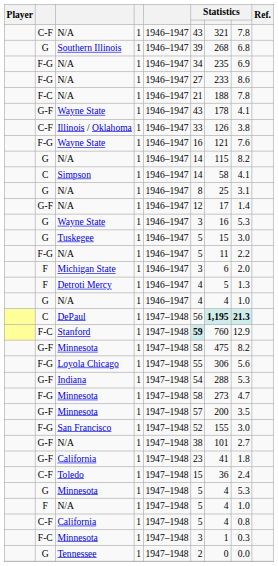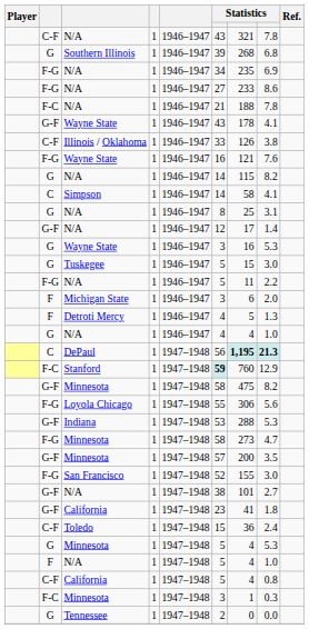 <table class="wikitable sortable" style="font-size:95%; text-align:right;">
 <tr>
 <th scope=col rowspan="2">Player</th>
 <th scope=col rowspan="2"></th>
 <th scope=col rowspan="2"></th>
 <th scope=col rowspan="2"></th>
 <th scope=col rowspan="2"></th>
 <th scope=colgroup colspan="3">Statistics</th>
 <th scope=col rowspan="2">Ref.</th>
 </tr>
 <tr>
 <th scope=col></th>
 <th scope=col></th>
 <th scope=col></th>
 </tr>
 <tr>
 <td align="left"></td>
 <td align="center">C-F</td>
 <td align="left">N/A</td>
 <td align="center">1</td>
 <td align="center">1946–1947</td>
 <td>43</td>
 <td>321</td>
 <td>7.8</td>
 <td align=center></td>
 </tr>
 <tr>
 <td align="left"></td>
 <td align="center">G</td>
 <td align="left"><a href='#'>Southern Illinois</a></td>
 <td align="center">1</td>
 <td align="center">1946–1947</td>
 <td>39</td>
 <td>268</td>
 <td>6.8</td>
 <td align=center></td>
 </tr>
 <tr>
 <td align="left"></td>
 <td align="center">F-G</td>
 <td align="left">N/A</td>
 <td align="center">1</td>
 <td align="center">1946–1947</td>
 <td>34</td>
 <td>235</td>
 <td>6.9</td>
 <td align=center></td>
 </tr>
 <tr>
 <td align="left"></td>
 <td align="center">F-G</td>
 <td align="left">N/A</td>
 <td align="center">1</td>
 <td align="center">1946–1947</td>
 <td>27</td>
 <td>233</td>
 <td>8.6</td>
 <td align=center></td>
 </tr>
 <tr>
 <td align="left"></td>
 <td align="center">F-C</td>
 <td align="left">N/A</td>
 <td align="center">1</td>
 <td align="center">1946–1947</td>
 <td>21</td>
 <td>188</td>
 <td>7.8</td>
 <td align=center></td>
 </tr>
 <tr>
 <td align="left"></td>
 <td align="center">G-F</td>
 <td align="left"><a href='#'>Wayne State</a></td>
 <td align="center">1</td>
 <td align="center">1946–1947</td>
 <td>43</td>
 <td>178</td>
 <td>4.1</td>
 <td align=center></td>
 </tr>
 <tr>
 <td align="left"></td>
 <td align="center">C-F</td>
 <td align="left"><a href='#'>Illinois</a> / <a href='#'>Oklahoma</a></td>
 <td align="center">1</td>
 <td align="center">1946–1947</td>
 <td>33</td>
 <td>126</td>
 <td>3.8</td>
 <td align=center></td>
 </tr>
 <tr>
 <td align="left"></td>
 <td align="center">F-G</td>
 <td align="left"><a href='#'>Wayne State</a></td>
 <td align="center">1</td>
 <td align="center">1946–1947</td>
 <td>16</td>
 <td>121</td>
 <td>7.6</td>
 <td align=center></td>
 </tr>
 <tr>
 <td align="left"></td>
 <td align="center">G</td>
 <td align="left">N/A</td>
 <td align="center">1</td>
 <td align="center">1946–1947</td>
 <td>14</td>
 <td>115</td>
 <td>8.2</td>
 <td align=center></td>
 </tr>
 <tr>
 <td align="left"></td>
 <td align="center">C</td>
 <td align="left"><a href='#'>Simpson</a></td>
 <td align="center">1</td>
 <td align="center">1946–1947</td>
 <td>14</td>
 <td>58</td>
 <td>4.1</td>
 <td align=center></td>
 </tr>
 <tr>
 <td align="left"></td>
 <td align="center">G</td>
 <td align="left">N/A</td>
 <td align="center">1</td>
 <td align="center">1946–1947</td>
 <td>8</td>
 <td>25</td>
 <td>3.1</td>
 <td align=center></td>
 </tr>
 <tr>
 <td align="left"></td>
 <td align="center">G-F</td>
 <td align="left">N/A</td>
 <td align="center">1</td>
 <td align="center">1946–1947</td>
 <td>12</td>
 <td>17</td>
 <td>1.4</td>
 <td align=center></td>
 </tr>
 <tr>
 <td align="left"></td>
 <td align="center">G</td>
 <td align="left"><a href='#'>Wayne State</a></td>
 <td align="center">1</td>
 <td align="center">1946–1947</td>
 <td>3</td>
 <td>16</td>
 <td>5.3</td>
 <td align=center></td>
 </tr>
 <tr>
 <td align="left"></td>
 <td align="center">G</td>
 <td align="left"><a href='#'>Tuskegee</a></td>
 <td align="center">1</td>
 <td align="center">1946–1947</td>
 <td>5</td>
 <td>15</td>
 <td>3.0</td>
 <td align=center></td>
 </tr>
 <tr>
 <td align="left"></td>
 <td align="center">F-G</td>
 <td align="left">N/A</td>
 <td align="center">1</td>
 <td align="center">1946–1947</td>
 <td>5</td>
 <td>11</td>
 <td>2.2</td>
 <td align=center></td>
 </tr>
 <tr>
 <td align="left"></td>
 <td align="center">F</td>
 <td align="left"><a href='#'>Michigan State</a></td>
 <td align="center">1</td>
 <td align="center">1946–1947</td>
 <td>3</td>
 <td>6</td>
 <td>2.0</td>
 <td align=center></td>
 </tr>
 <tr>
 <td align="left"></td>
 <td align="center">F</td>
 <td align="left"><a href='#'>Detroti Mercy</a></td>
 <td align="center">1</td>
 <td align="center">1946–1947</td>
 <td>4</td>
 <td>5</td>
 <td>1.3</td>
 <td align=center></td>
 </tr>
 <tr>
 <td align="left"></td>
 <td align="center">G</td>
 <td align="left">N/A</td>
 <td align="center">1</td>
 <td align="center">1946–1947</td>
 <td>4</td>
 <td>4</td>
 <td>1.0</td>
 <td align=center></td>
 </tr>
 <tr>
 <td align="left" bgcolor="#FFFF99"></td>
 <td align="center">C</td>
 <td align="left"><a href='#'>DePaul</a></td>
 <td align="center">1</td>
 <td align="center">1947–1948</td>
 <td>56</td>
 <td bgcolor="#CFECEC"><strong>1,195</strong></td>
 <td bgcolor="#CFECEC"><strong>21.3</strong></td>
 <td align=center></td>
 </tr>
 <tr>
 <td align="left" bgcolor="#FFFF99"></td>
 <td align="center">F-C</td>
 <td align="left"><a href='#'>Stanford</a></td>
 <td align="center">1</td>
 <td align="center">1947–1948</td>
 <td bgcolor="#CFECEC"><strong>59</strong></td>
 <td>760</td>
 <td>12.9</td>
 <td align=center></td>
 </tr>
 <tr>
 <td align="left"></td>
 <td align="center">G-F</td>
 <td align="left"><a href='#'>Minnesota</a></td>
 <td align="center">1</td>
 <td align="center">1947–1948</td>
 <td>58</td>
 <td>475</td>
 <td>8.2</td>
 <td align=center></td>
 </tr>
 <tr>
 <td align="left"></td>
 <td align="center">F-G</td>
 <td align="left"><a href='#'>Loyola Chicago</a></td>
 <td align="center">1</td>
 <td align="center">1947–1948</td>
 <td>55</td>
 <td>306</td>
 <td>5.6</td>
 <td align=center></td>
 </tr>
 <tr>
 <td align="left"></td>
 <td align="center">G-F</td>
 <td align="left"><a href='#'>Indiana</a></td>
 <td align="center">1</td>
 <td align="center">1947–1948</td>
-<td>54</td>
+<td>53</td>
 <td>288</td>
 <td>5.3</td>
 <td align=center></td>
 </tr>
 <tr>
 <td align="left"></td>
 <td align="center">F-G</td>
 <td align="left"><a href='#'>Minnesota</a></td>
 <td align="center">1</td>
 <td align="center">1947–1948</td>
 <td>58</td>
 <td>273</td>
 <td>4.7</td>
 <td align=center></td>
 </tr>
 <tr>
 <td align="left"></td>
 <td align="center">G-F</td>
 <td align="left"><a href='#'>Minnesota</a></td>
 <td align="center">1</td>
 <td align="center">1947–1948</td>
 <td>57</td>
 <td>200</td>
 <td>3.5</td>
 <td align=center></td>
 </tr>
 <tr>
 <td align="left"></td>
 <td align="center">F-G</td>
 <td align="left"><a href='#'>San Francisco</a></td>
 <td align="center">1</td>
 <td align="center">1947–1948</td>
 <td>52</td>
 <td>155</td>
 <td>3.0</td>
 <td align=center></td>
 </tr>
 <tr>
 <td align="left"></td>
 <td align="center">G-F</td>
 <td align="left">N/A</td>
 <td align="center">1</td>
 <td align="center">1947–1948</td>
 <td>38</td>
 <td>101</td>
 <td>2.7</td>
 <td align=center></td>
 </tr>
 <tr>
 <td align="left"></td>
 <td align="center">G-F</td>
 <td align="left"><a href='#'>California</a></td>
 <td align="center">1</td>
 <td align="center">1947–1948</td>
 <td>23</td>
 <td>41</td>
 <td>1.8</td>
 <td align=center></td>
 </tr>
 <tr>
 <td align="left"></td>
 <td align="center">C-F</td>
 <td align="left"><a href='#'>Toledo</a></td>
 <td align="center">1</td>
 <td align="center">1947–1948</td>
 <td>15</td>
 <td>36</td>
 <td>2.4</td>
 <td align=center></td>
 </tr>
 <tr>
 <td align="left"></td>
 <td align="center">G</td>
 <td align="left"><a href='#'>Minnesota</a></td>
 <td align="center">1</td>
 <td align="center">1947–1948</td>
 <td>5</td>
 <td>4</td>
 <td>5.3</td>
 <td align=center></td>
 </tr>
 <tr>
 <td align="left"></td>
 <td align="center">F</td>
 <td align="left">N/A</td>
 <td align="center">1</td>
 <td align="center">1947–1948</td>
 <td>5</td>
 <td>4</td>
 <td>1.0</td>
 <td align=center></td>
 </tr>
 <tr>
 <td align="left"></td>
 <td align="center">C-F</td>
 <td align="left"><a href='#'>California</a></td>
 <td align="center">1</td>
 <td align="center">1947–1948</td>
 <td>5</td>
 <td>4</td>
 <td>0.8</td>
 <td align=center></td>
 </tr>
 <tr>
 <td align="left"></td>
 <td align="center">F-C</td>
 <td align="left"><a href='#'>Minnesota</a></td>
 <td align="center">1</td>
 <td align="center">1947–1948</td>
 <td>3</td>
 <td>1</td>
 <td>0.3</td>
 <td align=center></td>
 </tr>
 <tr>
 <td align="left"></td>
 <td align="center">G</td>
 <td align="left"><a href='#'>Tennessee</a></td>
 <td align="center">1</td>
 <td align="center">1947–1948</td>
 <td>2</td>
 <td>0</td>
 <td>0.0</td>
 <td align=center></td>
 </tr>
 <tr>
 </tr>
 </table>
